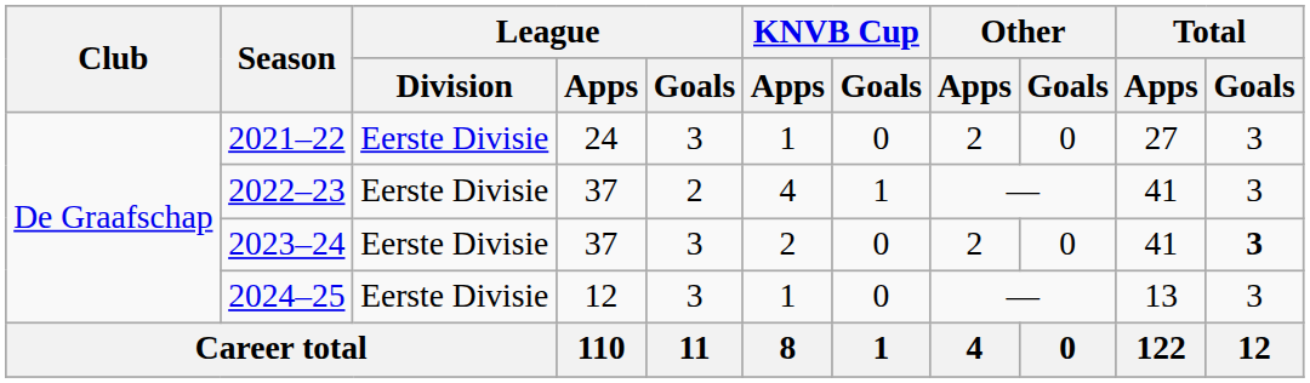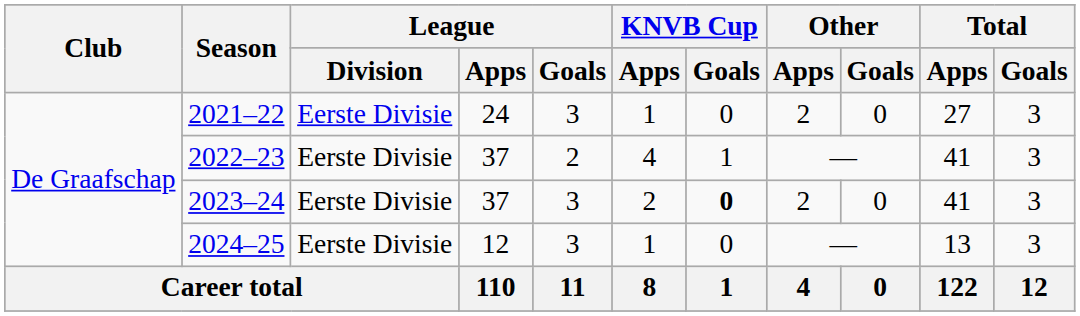 <table class="wikitable" style="text-align:center">
 <tr>
 <th rowspan="2">Club</th>
 <th rowspan="2">Season</th>
 <th colspan="3">League</th>
 <th colspan="2"><a href='#'>KNVB Cup</a></th>
 <th colspan="2">Other</th>
 <th colspan="2">Total</th>
 </tr>
 <tr>
 <th>Division</th>
 <th>Apps</th>
 <th>Goals</th>
 <th>Apps</th>
 <th>Goals</th>
 <th>Apps</th>
 <th>Goals</th>
 <th>Apps</th>
 <th>Goals</th>
 </tr>
 <tr>
 <td rowspan="4"><a href='#'>De Graafschap</a></td>
 <td><a href='#'>2021–22</a></td>
 <td><a href='#'>Eerste Divisie</a></td>
 <td>24</td>
 <td>3</td>
 <td>1</td>
 <td>0</td>
 <td>2</td>
 <td>0</td>
 <td>27</td>
 <td>3</td>
 </tr>
 <tr>
 <td><a href='#'>2022–23</a></td>
 <td>Eerste Divisie</td>
 <td>37</td>
 <td>2</td>
 <td>4</td>
 <td>1</td>
 <td colspan="2">—</td>
 <td>41</td>
 <td>3</td>
 </tr>
 <tr>
 <td><a href='#'>2023–24</a></td>
 <td>Eerste Divisie</td>
 <td>37</td>
 <td>3</td>
 <td>2</td>
-<td>0</td>
+<td><strong>0</strong></td>
 <td>2</td>
 <td>0</td>
 <td>41</td>
-<td><strong>3</strong></td>
+<td>3</td>
 </tr>
 <tr>
 <td><a href='#'>2024–25</a></td>
 <td>Eerste Divisie</td>
 <td>12</td>
 <td>3</td>
 <td>1</td>
 <td>0</td>
 <td colspan="2">—</td>
 <td>13</td>
 <td>3</td>
 </tr>
 <tr>
 <th colspan="3">Career total</th>
 <th>110</th>
 <th>11</th>
 <th>8</th>
 <th>1</th>
 <th>4</th>
 <th>0</th>
 <th>122</th>
 <th>12</th>
 </tr>
 </table>
